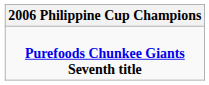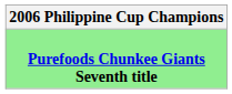 <table class=wikitable style="text-align:center; margin:auto">
 <tr>
 <th>2006 Philippine Cup Champions</th>
 </tr>
 <tr>
-<td><br> <strong><a href='#'>Purefoods Chunkee Giants</a></strong> <br> <strong>Seventh title</strong></td>
+<td style="background: lightgreen;"><br> <strong><a href='#'>Purefoods Chunkee Giants</a></strong> <br> <strong>Seventh title</strong></td>
 </tr>
 </table>
